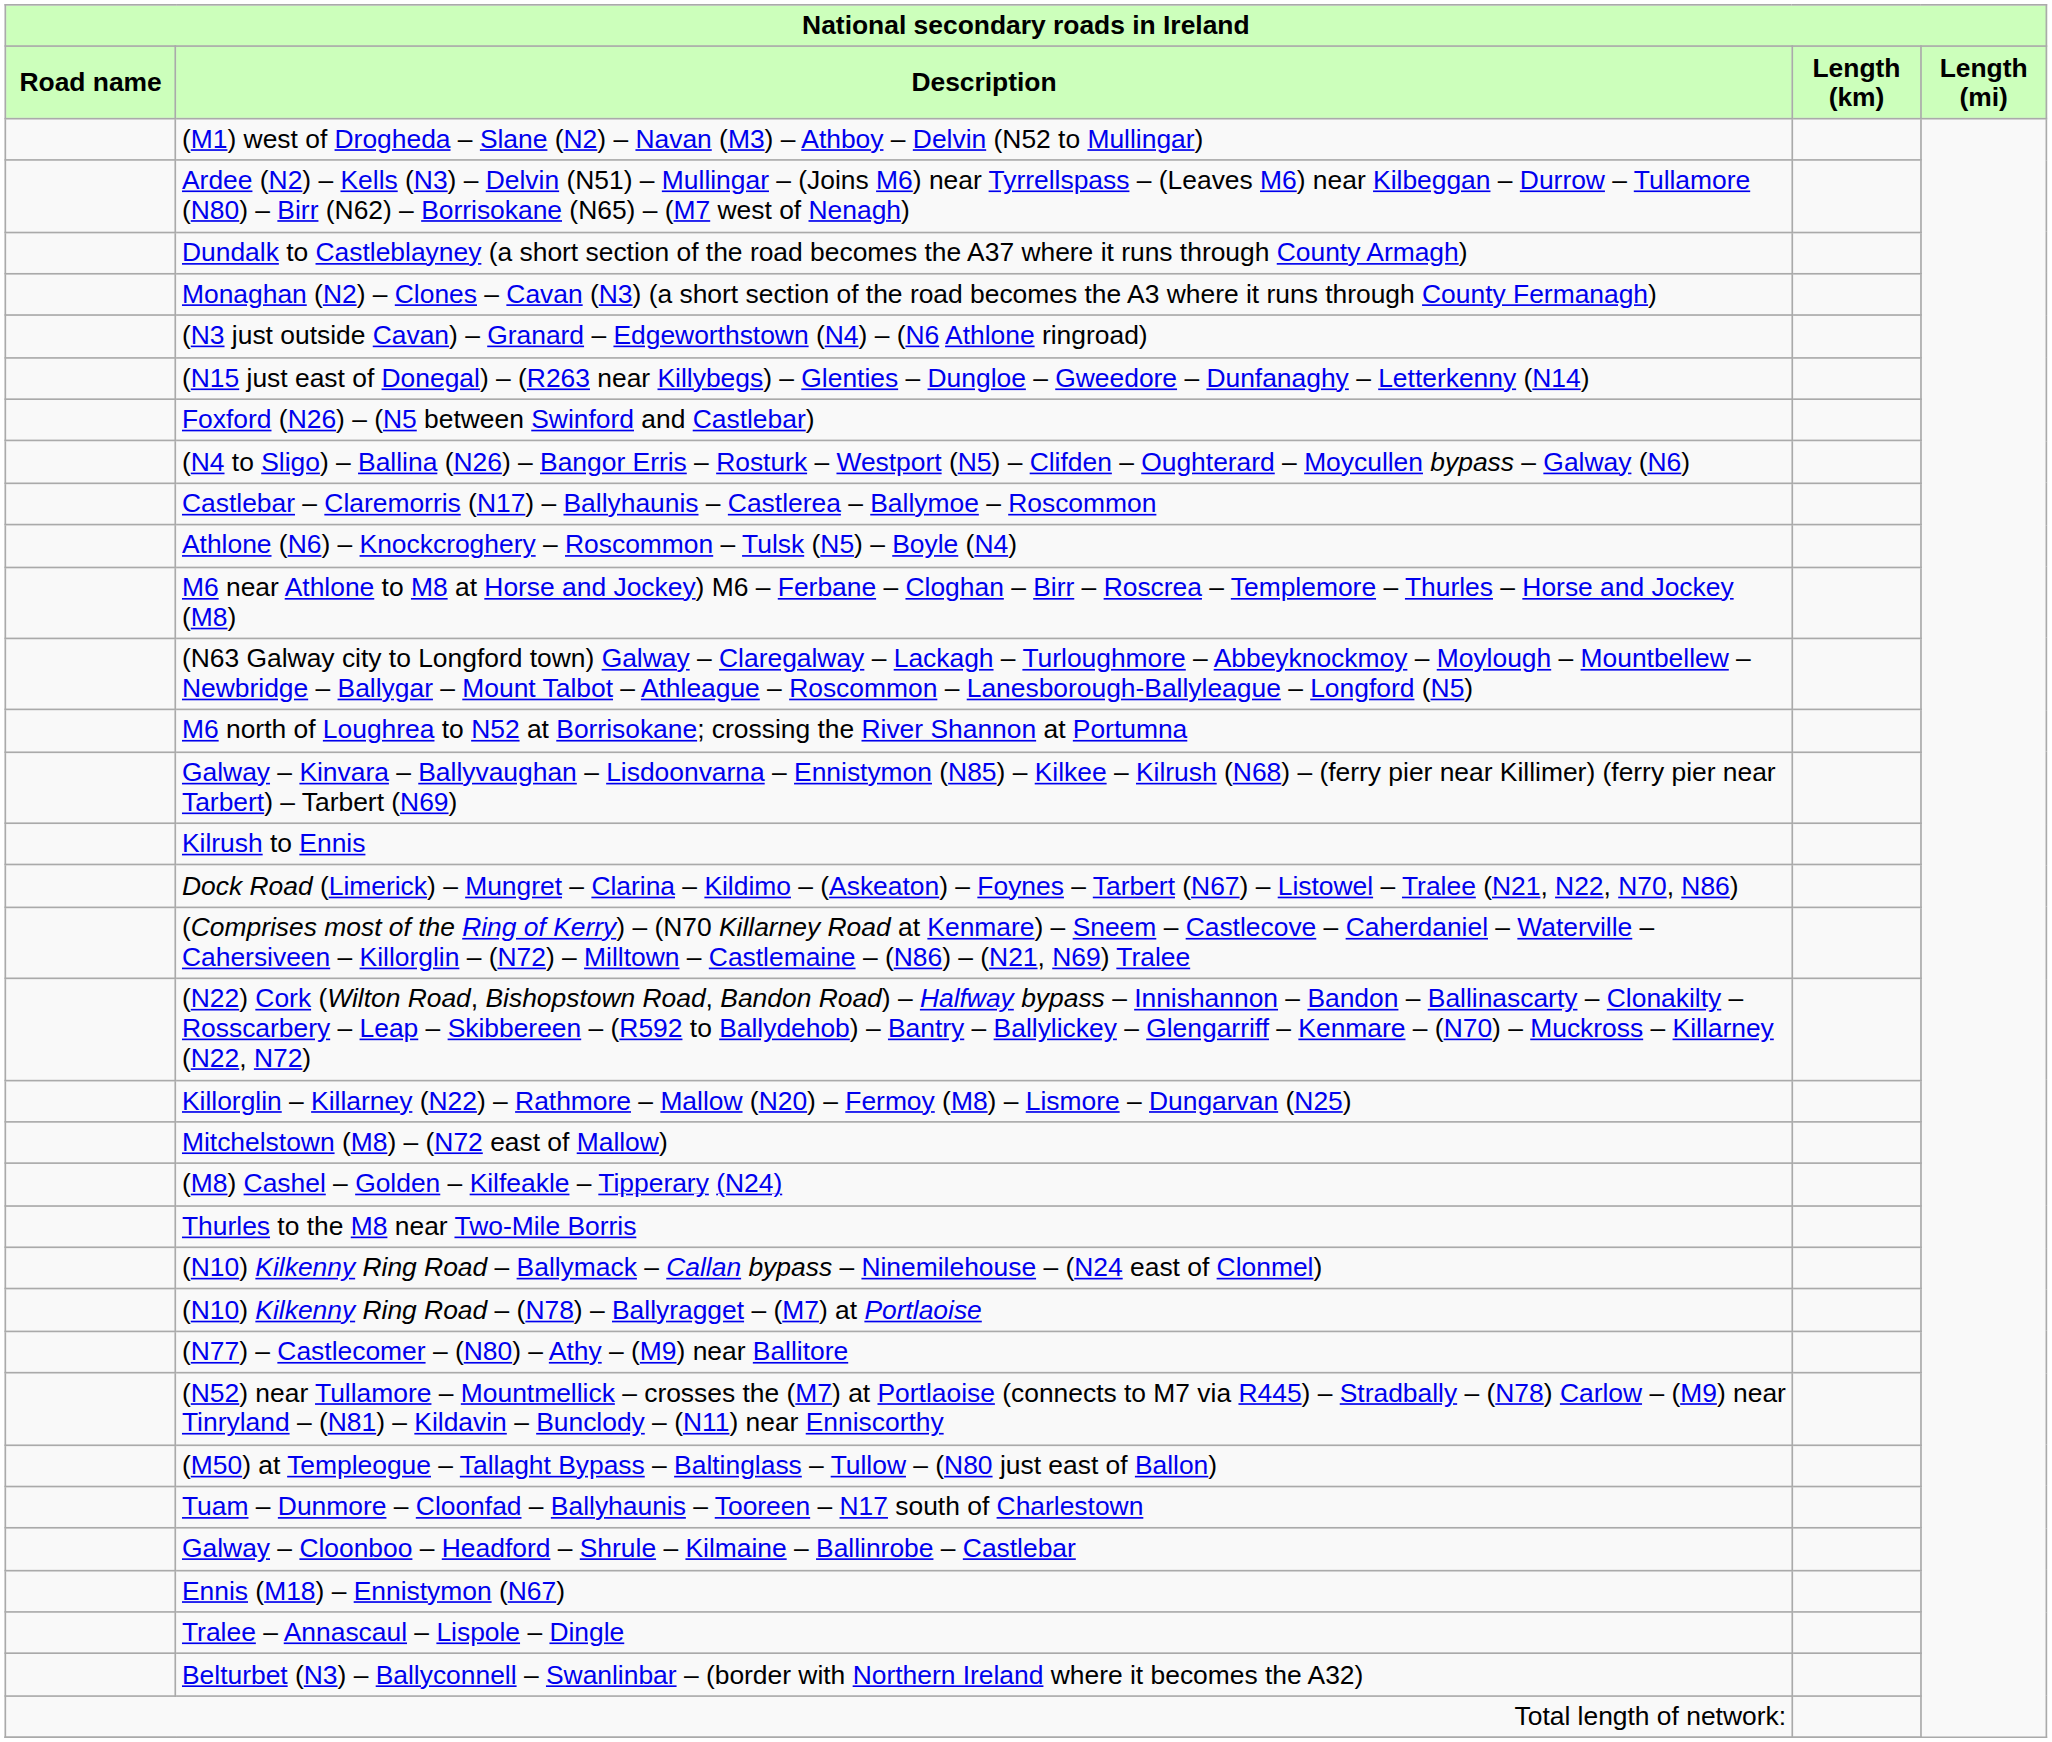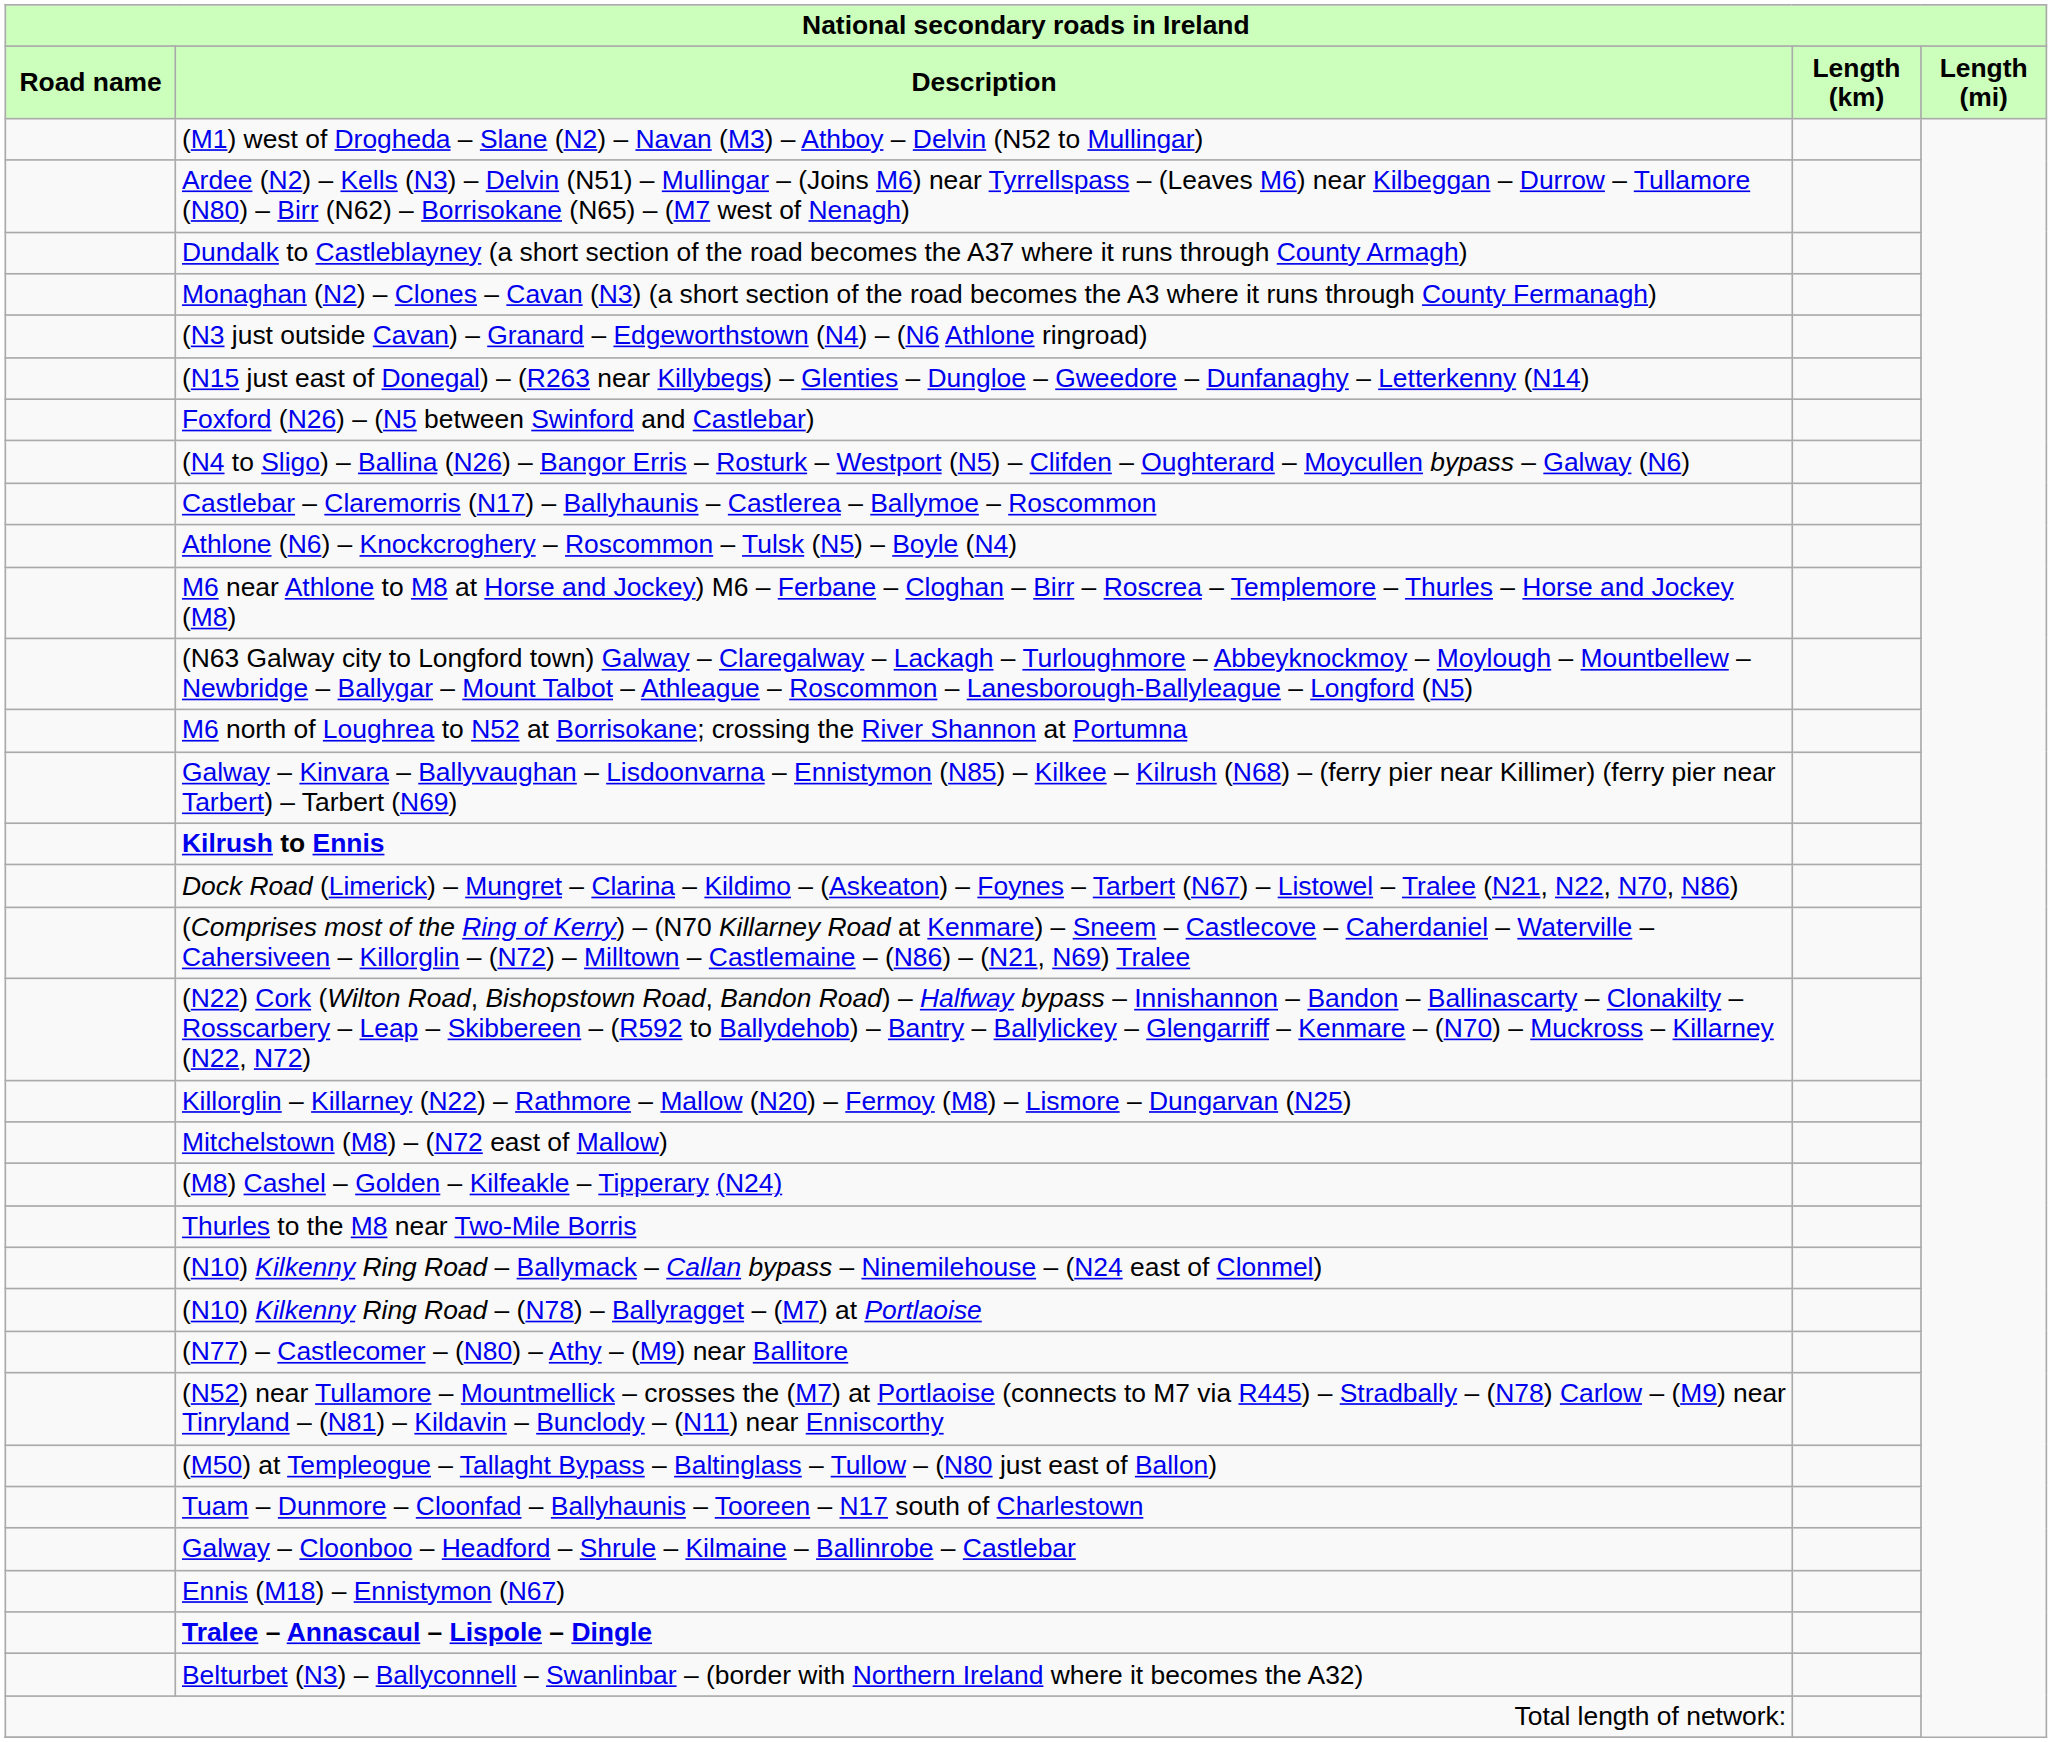 <table class="wikitable" style="margin-left: 10px">
 <tr>
 <th colspan="4" align=center style="background-color: #cfb;">National secondary roads in Ireland</th>
 </tr>
 <tr>
 <th style="background-color: #cfb; width:6em">Road name</th>
 <th style="background-color: #cfb;">Description</th>
 <th style="background-color: #cfb;">Length (km)</th>
 <th style="background-color: #cfb;">Length (mi)</th>
 </tr>
 <tr>
 <td></td>
 <td>(<a href='#'>M1</a>) west of <a href='#'>Drogheda</a> – <a href='#'>Slane</a> (<a href='#'>N2</a>) – <a href='#'>Navan</a> (<a href='#'>M3</a>) – <a href='#'>Athboy</a> – <a href='#'>Delvin</a> (N52 to <a href='#'>Mullingar</a>)</td>
 <td></td>
 </tr>
 <tr>
 <td></td>
 <td><a href='#'>Ardee</a> (<a href='#'>N2</a>) – <a href='#'>Kells</a> (<a href='#'>N3</a>) – <a href='#'>Delvin</a> (N51) – <a href='#'>Mullingar</a> – (Joins <a href='#'>M6</a>) near <a href='#'>Tyrrellspass</a> – (Leaves <a href='#'>M6</a>) near <a href='#'>Kilbeggan</a> – <a href='#'>Durrow</a> – <a href='#'>Tullamore</a> (<a href='#'>N80</a>) – <a href='#'>Birr</a> (N62) – <a href='#'>Borrisokane</a> (N65) – (<a href='#'>M7</a> west of <a href='#'>Nenagh</a>)</td>
 <td></td>
 </tr>
 <tr>
 <td></td>
 <td><a href='#'>Dundalk</a> to <a href='#'>Castleblayney</a> (a short section of the road becomes the A37 where it runs through <a href='#'>County Armagh</a>)</td>
 <td></td>
 </tr>
 <tr>
 <td></td>
 <td><a href='#'>Monaghan</a> (<a href='#'>N2</a>) – <a href='#'>Clones</a> – <a href='#'>Cavan</a> (<a href='#'>N3</a>) (a short section of the road becomes the A3 where it runs through <a href='#'>County Fermanagh</a>)</td>
 <td></td>
 </tr>
 <tr>
 <td></td>
 <td>(<a href='#'>N3</a> just outside <a href='#'>Cavan</a>) – <a href='#'>Granard</a> – <a href='#'>Edgeworthstown</a> (<a href='#'>N4</a>) – (<a href='#'>N6</a> <a href='#'>Athlone</a> ringroad)</td>
 <td></td>
 </tr>
 <tr>
 <td></td>
 <td>(<a href='#'>N15</a> just east of <a href='#'>Donegal</a>) – (<a href='#'>R263</a> near <a href='#'>Killybegs</a>) – <a href='#'>Glenties</a> – <a href='#'>Dungloe</a> – <a href='#'>Gweedore</a> – <a href='#'>Dunfanaghy</a> – <a href='#'>Letterkenny</a> (<a href='#'>N14</a>)</td>
 <td></td>
 </tr>
 <tr>
 <td></td>
 <td><a href='#'>Foxford</a> (<a href='#'>N26</a>) – (<a href='#'>N5</a> between <a href='#'>Swinford</a> and <a href='#'>Castlebar</a>)</td>
 <td></td>
 </tr>
 <tr>
 <td></td>
 <td>(<a href='#'>N4</a> to <a href='#'>Sligo</a>) – <a href='#'>Ballina</a> (<a href='#'>N26</a>) – <a href='#'>Bangor Erris</a> – <a href='#'>Rosturk</a> – <a href='#'>Westport</a> (<a href='#'>N5</a>) – <a href='#'>Clifden</a> – <a href='#'>Oughterard</a> – <a href='#'>Moycullen</a> <em>bypass</em> – <a href='#'>Galway</a> (<a href='#'>N6</a>)</td>
 <td></td>
 </tr>
 <tr>
 <td></td>
 <td><a href='#'>Castlebar</a> – <a href='#'>Claremorris</a> (<a href='#'>N17</a>) – <a href='#'>Ballyhaunis</a> – <a href='#'>Castlerea</a> – <a href='#'>Ballymoe</a> – <a href='#'>Roscommon</a></td>
 <td></td>
 </tr>
 <tr>
 <td></td>
 <td><a href='#'>Athlone</a> (<a href='#'>N6</a>) – <a href='#'>Knockcroghery</a> – <a href='#'>Roscommon</a> – <a href='#'>Tulsk</a> (<a href='#'>N5</a>) – <a href='#'>Boyle</a> (<a href='#'>N4</a>)</td>
 <td></td>
 </tr>
 <tr>
 <td></td>
 <td><a href='#'>M6</a> near <a href='#'>Athlone</a> to <a href='#'>M8</a> at <a href='#'>Horse and Jockey</a>) M6 – <a href='#'>Ferbane</a> – <a href='#'>Cloghan</a> – <a href='#'>Birr</a> – <a href='#'>Roscrea</a> – <a href='#'>Templemore</a> – <a href='#'>Thurles</a> – <a href='#'>Horse and Jockey</a> (<a href='#'>M8</a>)</td>
 <td></td>
 </tr>
 <tr>
 <td></td>
 <td>(N63 Galway city to Longford town) <a href='#'>Galway</a> – <a href='#'>Claregalway</a> – <a href='#'>Lackagh</a> – <a href='#'>Turloughmore</a> – <a href='#'>Abbeyknockmoy</a> – <a href='#'>Moylough</a> – <a href='#'>Mountbellew</a> – <a href='#'>Newbridge</a> – <a href='#'>Ballygar</a> – <a href='#'>Mount Talbot</a> – <a href='#'>Athleague</a> – <a href='#'>Roscommon</a> – <a href='#'>Lanesborough-Ballyleague</a> – <a href='#'>Longford</a> (<a href='#'>N5</a>)</td>
 <td></td>
 </tr>
 <tr>
 <td></td>
 <td><a href='#'>M6</a> north of <a href='#'>Loughrea</a> to <a href='#'>N52</a> at <a href='#'>Borrisokane</a>; crossing the <a href='#'>River Shannon</a> at <a href='#'>Portumna</a></td>
 <td></td>
 </tr>
 <tr>
 <td></td>
 <td><a href='#'>Galway</a>  – <a href='#'>Kinvara</a> – <a href='#'>Ballyvaughan</a> – <a href='#'>Lisdoonvarna</a> – <a href='#'>Ennistymon</a> (<a href='#'>N85</a>) – <a href='#'>Kilkee</a> – <a href='#'>Kilrush</a> (<a href='#'>N68</a>) – (ferry pier near Killimer) (ferry pier near <a href='#'>Tarbert</a>) – Tarbert (<a href='#'>N69</a>)</td>
 <td></td>
 </tr>
 <tr>
 <td></td>
-<td><a href='#'>Kilrush</a> to <a href='#'>Ennis</a></td>
+<td><strong><a href='#'>Kilrush</a> to <a href='#'>Ennis</a></strong></td>
 <td></td>
 </tr>
 <tr>
 <td></td>
 <td><em>Dock Road</em> (<a href='#'>Limerick</a>) – <a href='#'>Mungret</a> – <a href='#'>Clarina</a> – <a href='#'>Kildimo</a> – (<a href='#'>Askeaton</a>) – <a href='#'>Foynes</a> – <a href='#'>Tarbert</a> (<a href='#'>N67</a>) – <a href='#'>Listowel</a> – <a href='#'>Tralee</a> (<a href='#'>N21</a>, <a href='#'>N22</a>, <a href='#'>N70</a>, <a href='#'>N86</a>)</td>
 <td></td>
 </tr>
 <tr>
 <td></td>
 <td>(<em>Comprises most of the <a href='#'>Ring of Kerry</a></em>) – (N70 <em>Killarney Road</em> at <a href='#'>Kenmare</a>) – <a href='#'>Sneem</a> – <a href='#'>Castlecove</a> – <a href='#'>Caherdaniel</a> – <a href='#'>Waterville</a> – <a href='#'>Cahersiveen</a> – <a href='#'>Killorglin</a> – (<a href='#'>N72</a>) – <a href='#'>Milltown</a> – <a href='#'>Castlemaine</a> – (<a href='#'>N86</a>) – (<a href='#'>N21</a>, <a href='#'>N69</a>) <a href='#'>Tralee</a></td>
 <td></td>
 </tr>
 <tr>
 <td></td>
 <td>(<a href='#'>N22</a>) <a href='#'>Cork</a> (<em>Wilton Road</em>, <em>Bishopstown Road</em>, <em>Bandon Road</em>) – <em><a href='#'>Halfway</a> bypass</em> – <a href='#'>Innishannon</a> – <a href='#'>Bandon</a> – <a href='#'>Ballinascarty</a> – <a href='#'>Clonakilty</a> – <a href='#'>Rosscarbery</a> – <a href='#'>Leap</a> – <a href='#'>Skibbereen</a> – (<a href='#'>R592</a> to <a href='#'>Ballydehob</a>) – <a href='#'>Bantry</a> – <a href='#'>Ballylickey</a> – <a href='#'>Glengarriff</a> – <a href='#'>Kenmare</a> – (<a href='#'>N70</a>) – <a href='#'>Muckross</a> – <a href='#'>Killarney</a> (<a href='#'>N22</a>, <a href='#'>N72</a>)</td>
 <td></td>
 </tr>
 <tr>
 <td></td>
 <td><a href='#'>Killorglin</a> – <a href='#'>Killarney</a> (<a href='#'>N22</a>) – <a href='#'>Rathmore</a> – <a href='#'>Mallow</a> (<a href='#'>N20</a>) – <a href='#'>Fermoy</a> (<a href='#'>M8</a>) – <a href='#'>Lismore</a> – <a href='#'>Dungarvan</a> (<a href='#'>N25</a>)</td>
 <td></td>
 </tr>
 <tr>
 <td></td>
 <td><a href='#'>Mitchelstown</a> (<a href='#'>M8</a>) –  (<a href='#'>N72</a> east of <a href='#'>Mallow</a>)</td>
 <td></td>
 </tr>
 <tr>
 <td></td>
 <td>(<a href='#'>M8</a>) <a href='#'>Cashel</a> – <a href='#'>Golden</a> – <a href='#'>Kilfeakle</a> – <a href='#'>Tipperary</a> <a href='#'>(N24)</a></td>
 <td></td>
 </tr>
 <tr>
 <td></td>
 <td><a href='#'>Thurles</a> to the <a href='#'>M8</a> near <a href='#'>Two-Mile Borris</a></td>
 <td></td>
 </tr>
 <tr>
 <td></td>
 <td>(<a href='#'>N10</a>) <em><a href='#'>Kilkenny</a> Ring Road</em> – <a href='#'>Ballymack</a> – <em><a href='#'>Callan</a> bypass</em> – <a href='#'>Ninemilehouse</a> – (<a href='#'>N24</a> east of <a href='#'>Clonmel</a>)</td>
 <td></td>
 </tr>
 <tr>
 <td></td>
 <td>(<a href='#'>N10</a>) <em><a href='#'>Kilkenny</a> Ring Road</em> – (<a href='#'>N78</a>) – <a href='#'>Ballyragget</a> – (<a href='#'>M7</a>) at <em><a href='#'>Portlaoise</a></em></td>
 <td></td>
 </tr>
 <tr>
 <td></td>
 <td>(<a href='#'>N77</a>) – <a href='#'>Castlecomer</a> – (<a href='#'>N80</a>) – <a href='#'>Athy</a> – (<a href='#'>M9</a>) near <a href='#'>Ballitore</a></td>
 <td></td>
 </tr>
 <tr>
 <td></td>
 <td>(<a href='#'>N52</a>) near <a href='#'>Tullamore</a> – <a href='#'>Mountmellick</a> – crosses the (<a href='#'>M7</a>) at <a href='#'>Portlaoise</a> (connects to M7 via <a href='#'>R445</a>) – <a href='#'>Stradbally</a> – (<a href='#'>N78</a>) <a href='#'>Carlow</a> – (<a href='#'>M9</a>) near <a href='#'>Tinryland</a> – (<a href='#'>N81</a>) – <a href='#'>Kildavin</a> – <a href='#'>Bunclody</a> – (<a href='#'>N11</a>) near <a href='#'>Enniscorthy</a></td>
 <td></td>
 </tr>
 <tr>
 <td></td>
 <td>(<a href='#'>M50</a>) at <a href='#'>Templeogue</a> – <a href='#'>Tallaght Bypass</a> – <a href='#'>Baltinglass</a> – <a href='#'>Tullow</a> – (<a href='#'>N80</a> just east of <a href='#'>Ballon</a>)</td>
 <td></td>
 </tr>
 <tr>
 <td></td>
 <td><a href='#'>Tuam</a> – <a href='#'>Dunmore</a> – <a href='#'>Cloonfad</a> – <a href='#'>Ballyhaunis</a> – <a href='#'>Tooreen</a> – <a href='#'>N17</a> south of <a href='#'>Charlestown</a></td>
 <td></td>
 </tr>
 <tr>
 <td></td>
 <td><a href='#'>Galway</a> – <a href='#'>Cloonboo</a> – <a href='#'>Headford</a> – <a href='#'>Shrule</a> – <a href='#'>Kilmaine</a> – <a href='#'>Ballinrobe</a> – <a href='#'>Castlebar</a></td>
 <td></td>
 </tr>
 <tr>
 <td></td>
 <td><a href='#'>Ennis</a> (<a href='#'>M18</a>) – <a href='#'>Ennistymon</a> (<a href='#'>N67</a>)</td>
 <td></td>
 </tr>
 <tr>
 <td></td>
-<td><a href='#'>Tralee</a> – <a href='#'>Annascaul</a> – <a href='#'>Lispole</a> – <a href='#'>Dingle</a></td>
+<td><strong><a href='#'>Tralee</a> – <a href='#'>Annascaul</a> – <a href='#'>Lispole</a> – <a href='#'>Dingle</a></strong></td>
 <td></td>
 </tr>
 <tr>
 <td></td>
 <td><a href='#'>Belturbet</a> (<a href='#'>N3</a>) – <a href='#'>Ballyconnell</a> – <a href='#'>Swanlinbar</a> – (border with <a href='#'>Northern Ireland</a> where it becomes the A32)</td>
 <td></td>
 </tr>
 <tr>
 <td align=right colspan=2>Total length of network:</td>
 <td></td>
 </tr>
 <tr>
 </tr>
 </table>
